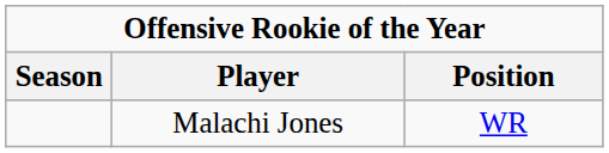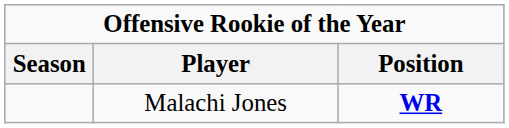 <table class="wikitable sortable" style="text-align:center">
 <tr>
 <td colspan="4"><strong>Offensive Rookie of the Year</strong></td>
 </tr>
 <tr>
 <th style="width:50px; ">Season</th>
 <th style="width:150px; ">Player</th>
 <th style="width:100px; ">Position</th>
 </tr>
 <tr>
 <td></td>
 <td>Malachi Jones</td>
-<td><a href='#'>WR</a></td>
+<td><strong><a href='#'>WR</a></strong></td>
 </tr>
 </table>
